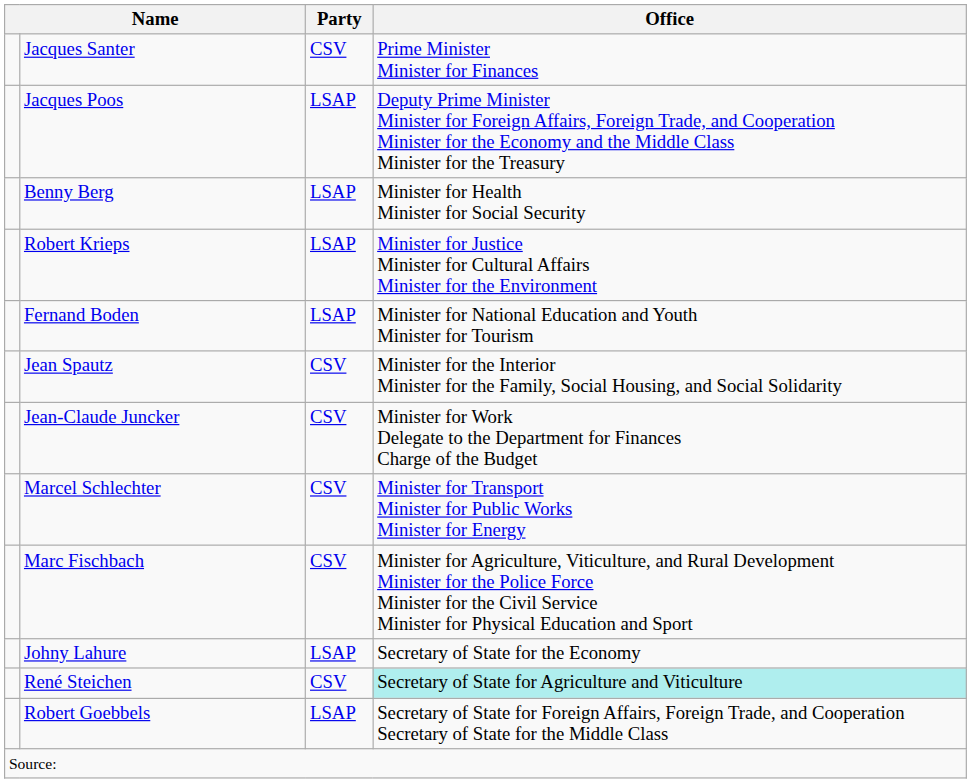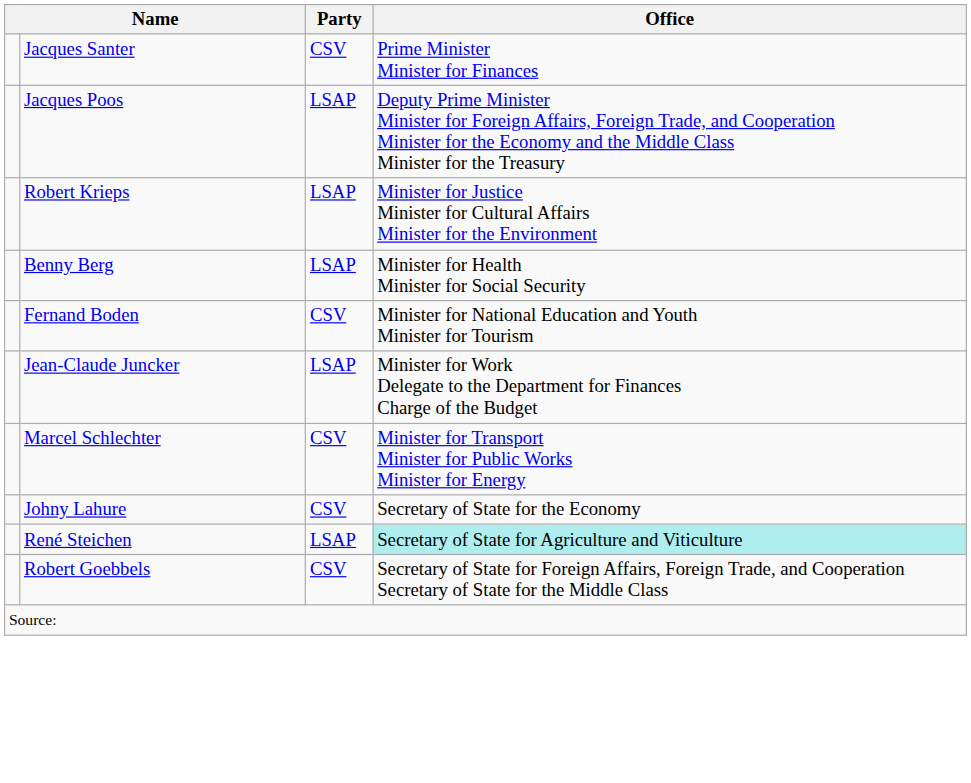 <table class="wikitable">
 <tr>
 <th colspan=2 width=250px>Name</th>
 <th width=50px>Party</th>
 <th width=500px>Office</th>
 </tr>
 <tr>
 <td style="background-color: "></td>
 <td valign=top><a href='#'>Jacques Santer</a></td>
 <td valign=top><a href='#'>CSV</a></td>
 <td><a href='#'>Prime Minister</a> <br> <a href='#'>Minister for Finances</a></td>
 </tr>
 <tr>
 <td style="background-color: "></td>
 <td valign=top><a href='#'>Jacques Poos</a></td>
 <td valign=top><a href='#'>LSAP</a></td>
 <td><a href='#'>Deputy Prime Minister</a> <br> <a href='#'>Minister for Foreign Affairs, Foreign Trade, and Cooperation</a> <br> <a href='#'>Minister for the Economy and the Middle Class</a> <br> Minister for the Treasury</td>
 </tr>
 <tr>
 <td style="background-color: "></td>
+<td valign=top><a href='#'>Robert Krieps</a></td>
+<td valign=top><a href='#'>LSAP</a></td>
+<td><a href='#'>Minister for Justice</a> <br> Minister for Cultural Affairs <br> <a href='#'>Minister for the Environment</a></td>
+</tr>
+<tr>
+<td style="background-color: "></td>
 <td valign=top><a href='#'>Benny Berg</a></td>
 <td valign=top><a href='#'>LSAP</a></td>
 <td>Minister for Health <br> Minister for Social Security</td>
 </tr>
 <tr>
 <td style="background-color: "></td>
-<td valign=top><a href='#'>Robert Krieps</a></td>
-<td valign=top><a href='#'>LSAP</a></td>
-<td><a href='#'>Minister for Justice</a> <br> Minister for Cultural Affairs <br> <a href='#'>Minister for the Environment</a></td>
-</tr>
-<tr>
-<td style="background-color: "></td>
 <td valign=top><a href='#'>Fernand Boden</a></td>
-<td valign=top><a href='#'>LSAP</a></td>
+<td valign=top><a href='#'>CSV</a></td>
 <td>Minister for National Education and Youth <br> Minister for Tourism</td>
 </tr>
 <tr>
 <td style="background-color: "></td>
-<td valign=top><a href='#'>Jean Spautz</a></td>
-<td valign=top><a href='#'>CSV</a></td>
-<td>Minister for the Interior <br> Minister for the Family, Social Housing, and Social Solidarity</td>
-</tr>
-<tr>
-<td style="background-color: "></td>
 <td valign=top><a href='#'>Jean-Claude Juncker</a></td>
-<td valign=top><a href='#'>CSV</a></td>
+<td valign=top><a href='#'>LSAP</a></td>
 <td>Minister for Work <br> Delegate to the Department for Finances <br> Charge of the Budget</td>
 </tr>
 <tr>
 <td style="background-color: "></td>
 <td valign=top><a href='#'>Marcel Schlechter</a></td>
 <td valign=top><a href='#'>CSV</a></td>
 <td><a href='#'>Minister for Transport</a> <br> <a href='#'>Minister for Public Works</a> <br> <a href='#'>Minister for Energy</a></td>
 </tr>
 <tr>
 <td style="background-color: "></td>
-<td valign=top><a href='#'>Marc Fischbach</a></td>
+<td valign=top><a href='#'>Johny Lahure</a></td>
 <td valign=top><a href='#'>CSV</a></td>
-<td>Minister for Agriculture, Viticulture, and Rural Development <br> <a href='#'>Minister for the Police Force</a> <br> Minister for the Civil Service <br> Minister for Physical Education and Sport</td>
-</tr>
-<tr>
-<td style="background-color: "></td>
-<td valign=top><a href='#'>Johny Lahure</a></td>
-<td valign=top><a href='#'>LSAP</a></td>
 <td>Secretary of State for the Economy</td>
 </tr>
 <tr>
 <td style="background-color: "></td>
 <td valign=top><a href='#'>René Steichen</a></td>
-<td valign=top><a href='#'>CSV</a></td>
+<td valign=top><a href='#'>LSAP</a></td>
 <td style="background: paleturquoise;">Secretary of State for Agriculture and Viticulture</td>
 </tr>
 <tr>
 <td style="background-color: "></td>
 <td valign=top><a href='#'>Robert Goebbels</a></td>
-<td valign=top><a href='#'>LSAP</a></td>
+<td valign=top><a href='#'>CSV</a></td>
 <td>Secretary of State for Foreign Affairs, Foreign Trade, and Cooperation <br> Secretary of State for the Middle Class</td>
 </tr>
 <tr>
 <td colspan=4><small>Source: </small></td>
 </tr>
 </table>
